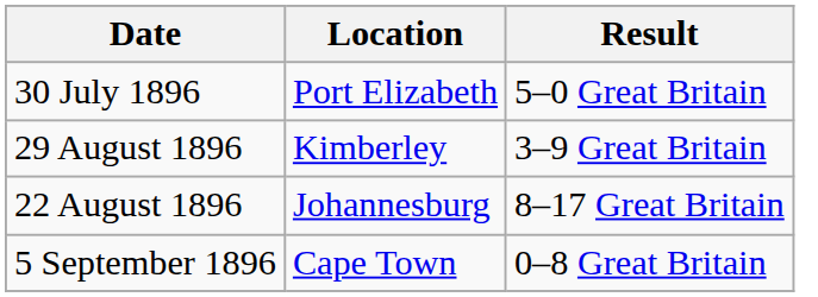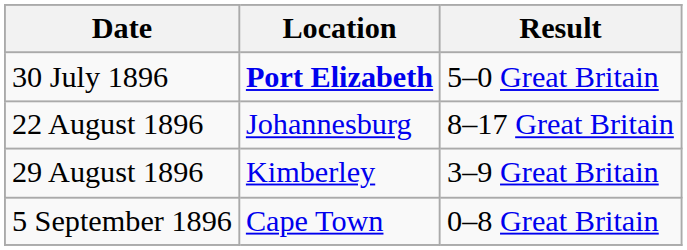 <table class="wikitable" style="align:center;">
 <tr>
 <th>Date</th>
 <th>Location</th>
 <th>Result</th>
 </tr>
 <tr>
 <td>30 July 1896</td>
-<td><a href='#'>Port Elizabeth</a></td>
+<td><strong><a href='#'>Port Elizabeth</a></strong></td>
 <td> 5–0 <a href='#'>Great Britain</a> </td>
+</tr>
+<tr>
+<td>22 August 1896</td>
+<td><a href='#'>Johannesburg</a></td>
+<td> 8–17 <a href='#'>Great Britain</a> </td>
 </tr>
 <tr>
 <td>29 August 1896</td>
 <td><a href='#'>Kimberley</a></td>
 <td> 3–9 <a href='#'>Great Britain</a> </td>
 </tr>
 <tr>
-<td>22 August 1896</td>
-<td><a href='#'>Johannesburg</a></td>
-<td> 8–17 <a href='#'>Great Britain</a> </td>
-</tr>
-<tr>
 <td>5 September 1896</td>
 <td><a href='#'>Cape Town</a></td>
 <td> 0–8 <a href='#'>Great Britain</a> </td>
 </tr>
 </table>
